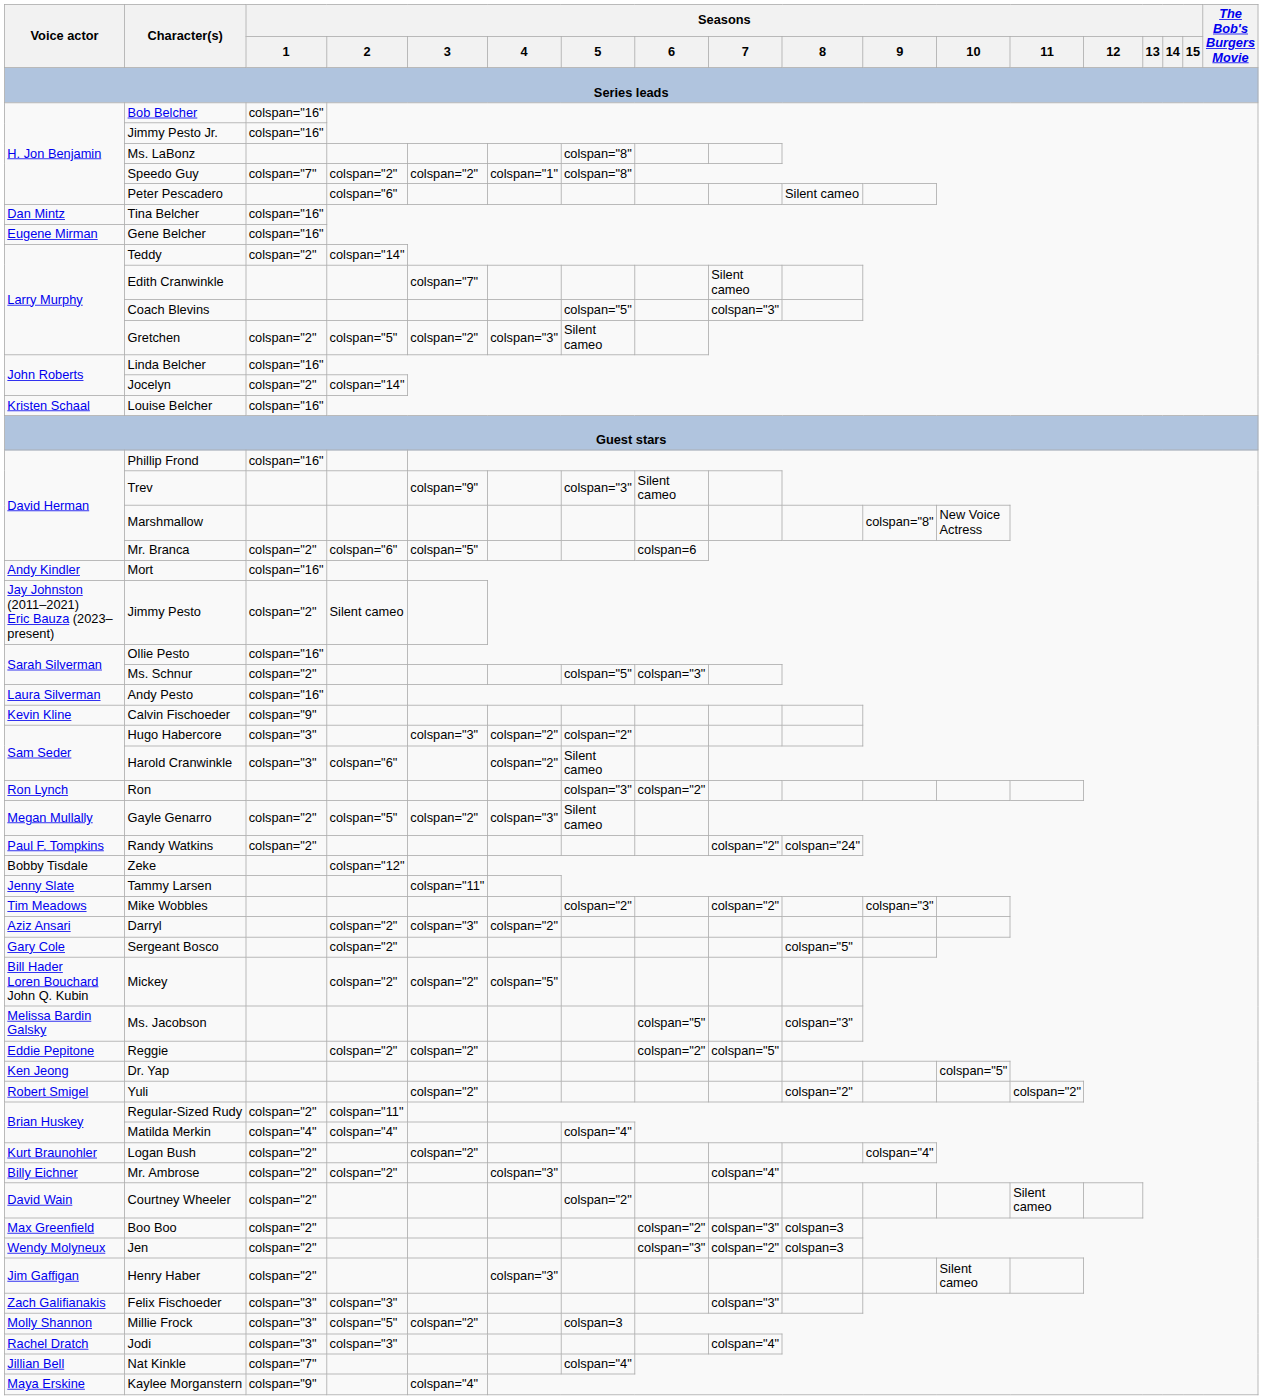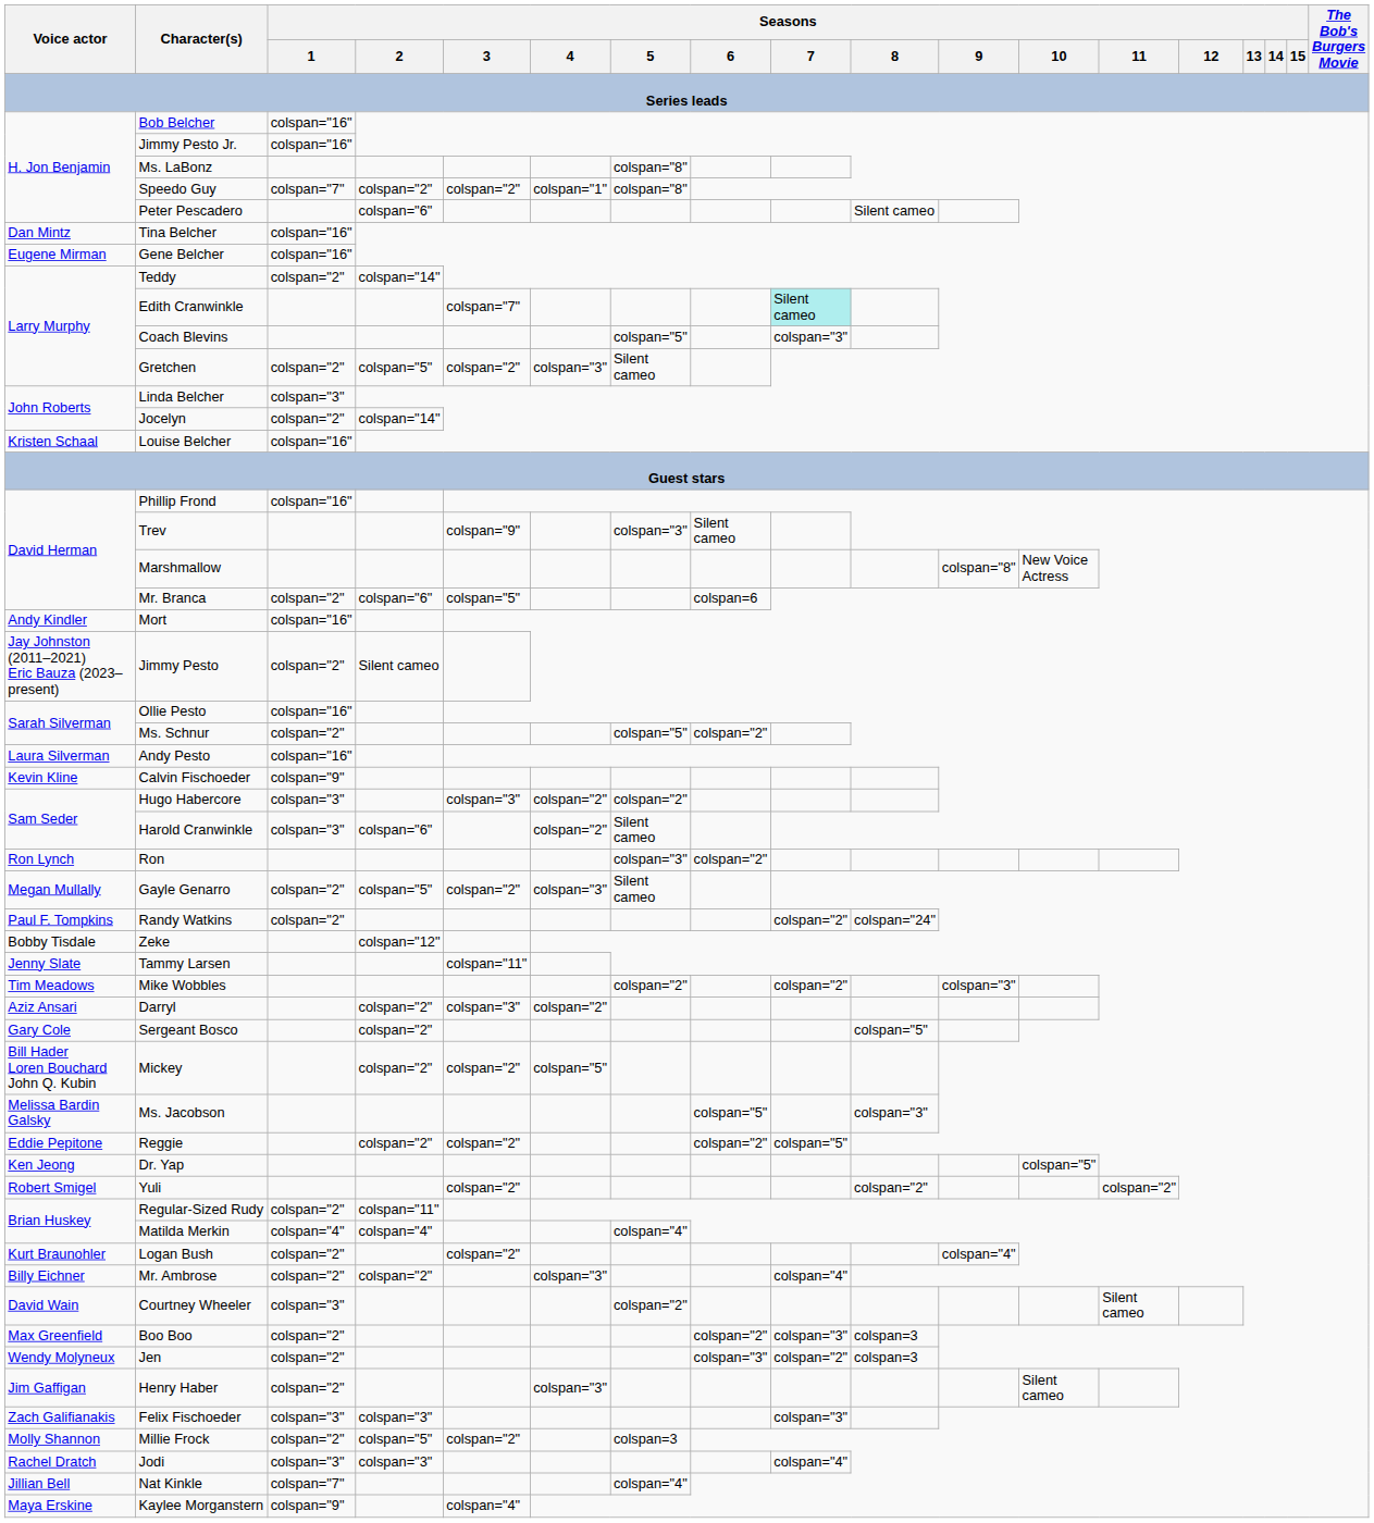 <table class="wikitable sortable">
 <tr>
 <th rowspan="2" style="width:10%;">Voice actor</th>
 <th rowspan="2" style="width:10%;">Character(s)</th>
 <th colspan="15">Seasons</th>
 <th rowspan="2"><em><a href='#'>The Bob's Burgers Movie</a></em></th>
 </tr>
 <tr>
 <th style="width:5%;">1</th>
 <th style="width:5%;">2</th>
 <th style="width:5%;">3</th>
 <th style="width:5%;">4</th>
 <th style="width:5%;">5</th>
 <th style="width:5%;">6</th>
 <th style="width:5%;">7</th>
 <th style="width:5%;">8</th>
 <th style="width:5%;">9</th>
 <th style="width:5%;">10</th>
 <th style="width:5%;">11</th>
 <th style="width:5%;">12</th>
 <th style=“width:5%;”>13</th>
 <th style=“width:5%;”>14</th>
 <th style=“width:5%;”>15</th>
 </tr>
 <tr>
 <th colspan="18" style="background: LightSteelBlue;"><br>Series leads</th>
 </tr>
 <tr>
 <td rowspan=5><a href='#'>H. Jon Benjamin</a></td>
 <td><a href='#'>Bob Belcher</a></td>
 <td>colspan="16" </td>
 </tr>
 <tr>
 <td>Jimmy Pesto Jr.</td>
 <td>colspan="16" </td>
 </tr>
 <tr>
 <td>Ms. LaBonz</td>
 <td></td>
 <td></td>
 <td></td>
 <td></td>
 <td>colspan="8" </td>
 <td></td>
 <td></td>
 </tr>
 <tr>
 <td>Speedo Guy</td>
 <td>colspan="7" </td>
 <td>colspan="2" </td>
 <td>colspan="2" </td>
 <td>colspan="1" </td>
 <td>colspan="8" </td>
 </tr>
 <tr>
 <td>Peter Pescadero</td>
 <td></td>
 <td>colspan="6" </td>
 <td></td>
 <td></td>
 <td></td>
 <td></td>
 <td></td>
 <td>Silent cameo</td>
 <td></td>
 </tr>
 <tr>
 <td><a href='#'>Dan Mintz</a></td>
 <td>Tina Belcher</td>
 <td>colspan="16" </td>
 </tr>
 <tr>
 <td><a href='#'>Eugene Mirman</a></td>
 <td>Gene Belcher</td>
 <td>colspan="16" </td>
 </tr>
 <tr>
 <td rowspan=4><a href='#'>Larry Murphy</a></td>
 <td>Teddy</td>
 <td>colspan="2" </td>
 <td>colspan="14" </td>
 </tr>
 <tr>
 <td>Edith Cranwinkle</td>
 <td></td>
 <td></td>
 <td>colspan="7" </td>
 <td></td>
 <td></td>
 <td></td>
-<td>Silent cameo</td>
+<td style="background: paleturquoise;">Silent cameo</td>
 <td></td>
 </tr>
 <tr>
 <td>Coach Blevins</td>
 <td></td>
 <td></td>
 <td></td>
 <td></td>
 <td>colspan="5" </td>
 <td></td>
 <td>colspan="3" </td>
 <td></td>
 </tr>
 <tr>
 <td>Gretchen</td>
 <td>colspan="2" </td>
 <td>colspan="5" </td>
 <td>colspan="2" </td>
 <td>colspan="3" </td>
 <td>Silent cameo</td>
 <td></td>
 </tr>
 <tr>
 <td rowspan=2><a href='#'>John Roberts</a></td>
 <td>Linda Belcher</td>
-<td>colspan="16" </td>
+<td>colspan="3" </td>
 </tr>
 <tr>
 <td>Jocelyn</td>
 <td>colspan="2" </td>
 <td>colspan="14" </td>
 </tr>
 <tr>
 <td><a href='#'>Kristen Schaal</a></td>
 <td>Louise Belcher</td>
 <td>colspan="16" </td>
 </tr>
 <tr>
 <th colspan="18" style="background: LightSteelBlue;"><br>Guest stars</th>
 </tr>
 <tr>
 <td rowspan=4><a href='#'>David Herman</a></td>
 <td>Phillip Frond</td>
 <td>colspan="16" </td>
 <td></td>
 </tr>
 <tr>
 <td>Trev</td>
 <td></td>
 <td></td>
 <td>colspan="9" </td>
 <td></td>
 <td>colspan="3" </td>
 <td>Silent cameo</td>
 <td></td>
 </tr>
 <tr>
 <td>Marshmallow</td>
 <td></td>
 <td></td>
 <td></td>
 <td></td>
 <td></td>
 <td></td>
 <td></td>
 <td></td>
 <td>colspan="8" </td>
 <td>New Voice Actress</td>
 </tr>
 <tr>
 <td>Mr. Branca</td>
 <td>colspan="2" </td>
 <td>colspan="6" </td>
 <td>colspan="5" </td>
 <td></td>
 <td></td>
 <td>colspan=6 </td>
 </tr>
 <tr>
 <td><a href='#'>Andy Kindler</a></td>
 <td>Mort</td>
 <td>colspan="16" </td>
 <td></td>
 </tr>
 <tr>
 <td><a href='#'>Jay Johnston</a> (2011–2021)<br><a href='#'>Eric Bauza</a> (2023–present)</td>
 <td>Jimmy Pesto</td>
 <td>colspan="2" </td>
 <td>Silent cameo</td>
 <td></td>
 </tr>
 <tr>
 <td rowspan=2><a href='#'>Sarah Silverman</a></td>
 <td>Ollie Pesto</td>
 <td>colspan="16" </td>
 <td></td>
 </tr>
 <tr>
 <td>Ms. Schnur</td>
 <td>colspan="2" </td>
 <td></td>
 <td></td>
 <td></td>
 <td>colspan="5" </td>
-<td>colspan="3" </td>
+<td>colspan="2" </td>
 <td></td>
 </tr>
 <tr>
 <td><a href='#'>Laura Silverman</a></td>
 <td>Andy Pesto</td>
 <td>colspan="16" </td>
 <td></td>
 </tr>
 <tr>
 <td><a href='#'>Kevin Kline</a></td>
 <td>Calvin Fischoeder</td>
 <td>colspan="9" </td>
 <td></td>
 <td></td>
 <td></td>
 <td></td>
 <td></td>
 <td></td>
 <td></td>
 </tr>
 <tr>
 <td rowspan=2><a href='#'>Sam Seder</a></td>
 <td>Hugo Habercore</td>
 <td>colspan="3" </td>
 <td></td>
 <td>colspan="3" </td>
 <td>colspan="2" </td>
 <td>colspan="2" </td>
 <td></td>
 <td></td>
 <td></td>
 </tr>
 <tr>
 <td>Harold Cranwinkle</td>
 <td>colspan="3" </td>
 <td>colspan="6" </td>
 <td></td>
 <td>colspan="2" </td>
 <td>Silent cameo</td>
 <td></td>
 </tr>
 <tr>
 <td><a href='#'>Ron Lynch</a></td>
 <td>Ron</td>
 <td></td>
 <td></td>
 <td></td>
 <td></td>
 <td>colspan="3" </td>
 <td>colspan="2" </td>
 <td></td>
 <td></td>
 <td></td>
 <td></td>
 <td></td>
 </tr>
 <tr>
 <td><a href='#'>Megan Mullally</a></td>
 <td>Gayle Genarro</td>
 <td>colspan="2" </td>
 <td>colspan="5" </td>
 <td>colspan="2" </td>
 <td>colspan="3" </td>
 <td>Silent cameo</td>
 <td></td>
 </tr>
 <tr>
 <td><a href='#'>Paul F. Tompkins</a></td>
 <td>Randy Watkins</td>
 <td>colspan="2" </td>
 <td></td>
 <td></td>
 <td></td>
 <td></td>
 <td></td>
 <td>colspan="2" </td>
 <td>colspan="24" </td>
 </tr>
 <tr>
 <td>Bobby Tisdale</td>
 <td>Zeke</td>
 <td></td>
 <td>colspan="12" </td>
 <td></td>
 </tr>
 <tr>
 <td><a href='#'>Jenny Slate</a></td>
 <td>Tammy Larsen</td>
 <td></td>
 <td></td>
 <td>colspan="11" </td>
 <td></td>
 </tr>
 <tr>
 <td><a href='#'>Tim Meadows</a></td>
 <td>Mike Wobbles</td>
 <td></td>
 <td></td>
 <td></td>
 <td></td>
 <td>colspan="2" </td>
 <td></td>
 <td>colspan="2" </td>
 <td></td>
 <td>colspan="3" </td>
 <td></td>
 </tr>
 <tr>
 <td><a href='#'>Aziz Ansari</a></td>
 <td>Darryl</td>
 <td></td>
 <td>colspan="2" </td>
 <td>colspan="3" </td>
 <td>colspan="2" </td>
 <td></td>
 <td></td>
 <td></td>
 <td></td>
 <td></td>
 <td></td>
 </tr>
 <tr>
 <td><a href='#'>Gary Cole</a></td>
 <td>Sergeant Bosco</td>
 <td></td>
 <td>colspan="2" </td>
 <td></td>
 <td></td>
 <td></td>
 <td></td>
 <td></td>
 <td>colspan="5" </td>
 <td></td>
 </tr>
 <tr>
 <td><a href='#'>Bill Hader</a><br><a href='#'>Loren Bouchard</a><br>John Q. Kubin</td>
 <td>Mickey</td>
 <td></td>
 <td>colspan="2" </td>
 <td>colspan="2" </td>
 <td>colspan="5" </td>
 <td></td>
 <td></td>
 <td></td>
 <td></td>
 </tr>
 <tr>
 <td><a href='#'>Melissa Bardin Galsky</a></td>
 <td>Ms. Jacobson</td>
 <td></td>
 <td></td>
 <td></td>
 <td></td>
 <td></td>
 <td>colspan="5" </td>
 <td></td>
 <td>colspan="3" </td>
 </tr>
 <tr>
 <td><a href='#'>Eddie Pepitone</a></td>
 <td>Reggie</td>
 <td></td>
 <td>colspan="2" </td>
 <td>colspan="2" </td>
 <td></td>
 <td></td>
 <td>colspan="2" </td>
 <td>colspan="5" </td>
 </tr>
 <tr>
 <td><a href='#'>Ken Jeong</a></td>
 <td>Dr. Yap</td>
 <td></td>
 <td></td>
 <td></td>
 <td></td>
 <td></td>
 <td></td>
 <td></td>
 <td></td>
 <td></td>
 <td>colspan="5" </td>
 </tr>
 <tr>
 <td><a href='#'>Robert Smigel</a></td>
 <td>Yuli</td>
 <td></td>
 <td></td>
 <td>colspan="2" </td>
 <td></td>
 <td></td>
 <td></td>
 <td></td>
 <td>colspan="2" </td>
 <td></td>
 <td></td>
 <td>colspan="2" </td>
 </tr>
 <tr>
 <td rowspan=2><a href='#'>Brian Huskey</a></td>
 <td>Regular-Sized Rudy</td>
 <td>colspan="2" </td>
 <td>colspan="11" </td>
 <td></td>
 </tr>
 <tr>
 <td>Matilda Merkin</td>
 <td>colspan="4" </td>
 <td>colspan="4" </td>
 <td></td>
 <td></td>
 <td>colspan="4" </td>
 </tr>
 <tr>
 <td><a href='#'>Kurt Braunohler</a></td>
 <td>Logan Bush</td>
 <td>colspan="2" </td>
 <td></td>
 <td>colspan="2" </td>
 <td></td>
 <td></td>
 <td></td>
 <td></td>
 <td></td>
 <td>colspan="4" </td>
 </tr>
 <tr>
 <td><a href='#'>Billy Eichner</a></td>
 <td>Mr. Ambrose</td>
 <td>colspan="2" </td>
 <td>colspan="2" </td>
 <td></td>
 <td>colspan="3" </td>
 <td></td>
 <td></td>
 <td>colspan="4" </td>
 </tr>
 <tr>
 <td><a href='#'>David Wain</a></td>
 <td>Courtney Wheeler</td>
-<td>colspan="2" </td>
+<td>colspan="3" </td>
 <td></td>
 <td></td>
 <td></td>
 <td>colspan="2" </td>
 <td></td>
 <td></td>
 <td></td>
 <td></td>
 <td></td>
 <td>Silent cameo</td>
 <td></td>
 </tr>
 <tr>
 <td><a href='#'>Max Greenfield</a></td>
 <td>Boo Boo</td>
 <td>colspan="2" </td>
 <td></td>
 <td></td>
 <td></td>
 <td></td>
 <td>colspan="2" </td>
 <td>colspan="3" </td>
 <td>colspan=3 </td>
 </tr>
 <tr>
 <td><a href='#'>Wendy Molyneux</a></td>
 <td>Jen</td>
 <td>colspan="2" </td>
 <td></td>
 <td></td>
 <td></td>
 <td></td>
 <td>colspan="3" </td>
 <td>colspan="2" </td>
 <td>colspan=3  </td>
 </tr>
 <tr>
 <td><a href='#'>Jim Gaffigan</a></td>
 <td>Henry Haber</td>
 <td>colspan="2" </td>
 <td></td>
 <td></td>
 <td>colspan="3" </td>
 <td></td>
 <td></td>
 <td></td>
 <td></td>
 <td></td>
 <td>Silent cameo</td>
 <td></td>
 </tr>
 <tr>
 <td><a href='#'>Zach Galifianakis</a></td>
 <td>Felix Fischoeder</td>
 <td>colspan="3" </td>
 <td>colspan="3" </td>
 <td></td>
 <td></td>
 <td></td>
 <td></td>
 <td>colspan="3"</td>
 <td></td>
 </tr>
 <tr>
 <td><a href='#'>Molly Shannon</a></td>
 <td>Millie Frock</td>
-<td>colspan="3" </td>
+<td>colspan="2" </td>
 <td>colspan="5" </td>
 <td>colspan="2" </td>
 <td></td>
 <td>colspan=3 </td>
 </tr>
 <tr>
 <td><a href='#'>Rachel Dratch</a></td>
 <td>Jodi</td>
 <td>colspan="3" </td>
 <td>colspan="3" </td>
 <td></td>
 <td></td>
 <td></td>
 <td></td>
 <td>colspan="4" </td>
 </tr>
 <tr>
 <td><a href='#'>Jillian Bell</a></td>
 <td>Nat Kinkle</td>
 <td>colspan="7" </td>
 <td></td>
 <td></td>
 <td></td>
 <td>colspan="4" </td>
 </tr>
 <tr>
 <td><a href='#'>Maya Erskine</a></td>
 <td>Kaylee Morganstern</td>
 <td>colspan="9"  </td>
 <td></td>
 <td>colspan="4" </td>
 </tr>
 </table>
